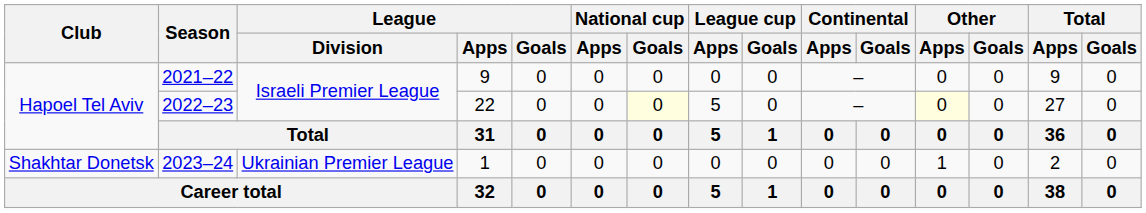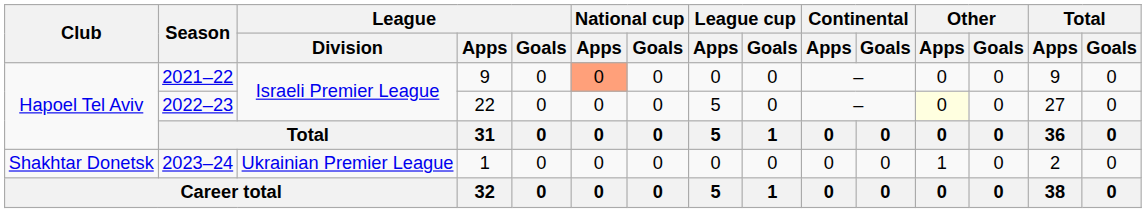 <table class="wikitable" style="text-align: center">
 <tr>
 <th rowspan="2">Club</th>
 <th rowspan="2">Season</th>
 <th colspan="3">League</th>
 <th colspan="2">National cup</th>
 <th colspan="2">League cup</th>
 <th colspan="2">Continental</th>
 <th colspan="2">Other</th>
 <th colspan="2">Total</th>
 </tr>
 <tr>
 <th>Division</th>
 <th>Apps</th>
 <th>Goals</th>
 <th>Apps</th>
 <th>Goals</th>
 <th>Apps</th>
 <th>Goals</th>
 <th>Apps</th>
 <th>Goals</th>
 <th>Apps</th>
 <th>Goals</th>
 <th>Apps</th>
 <th>Goals</th>
 </tr>
 <tr>
 <td rowspan="3"><a href='#'>Hapoel Tel Aviv</a></td>
 <td><a href='#'>2021–22</a></td>
 <td rowspan="2"><a href='#'>Israeli Premier League</a></td>
 <td>9</td>
 <td>0</td>
-<td>0</td>
+<td style="background: lightsalmon;">0</td>
 <td>0</td>
 <td>0</td>
 <td>0</td>
 <td colspan="2">–</td>
 <td>0</td>
 <td>0</td>
 <td>9</td>
 <td>0</td>
 </tr>
 <tr>
 <td><a href='#'>2022–23</a></td>
 <td>22</td>
 <td>0</td>
 <td>0</td>
-<td style="background: lightyellow;">0</td>
+<td>0</td>
 <td>5</td>
 <td>0</td>
 <td colspan="2">–</td>
 <td style="background: lightyellow;">0</td>
 <td>0</td>
 <td>27</td>
 <td>0</td>
 </tr>
 <tr>
 <th colspan="2">Total</th>
 <th>31</th>
 <th>0</th>
 <th>0</th>
 <th>0</th>
 <th>5</th>
 <th>1</th>
 <th>0</th>
 <th>0</th>
 <th>0</th>
 <th>0</th>
 <th>36</th>
 <th>0</th>
 </tr>
 <tr>
 <td rowspan="1"><a href='#'>Shakhtar Donetsk</a></td>
 <td><a href='#'>2023–24</a></td>
 <td rowspan="1"><a href='#'>Ukrainian Premier League</a></td>
 <td>1</td>
 <td>0</td>
 <td>0</td>
 <td>0</td>
 <td>0</td>
 <td>0</td>
 <td>0</td>
 <td>0</td>
 <td>1</td>
 <td>0</td>
 <td>2</td>
 <td>0</td>
 </tr>
 <tr>
 <th colspan="3">Career total</th>
 <th>32</th>
 <th>0</th>
 <th>0</th>
 <th>0</th>
 <th>5</th>
 <th>1</th>
 <th>0</th>
 <th>0</th>
 <th>0</th>
 <th>0</th>
 <th>38</th>
 <th>0</th>
 </tr>
 </table>
